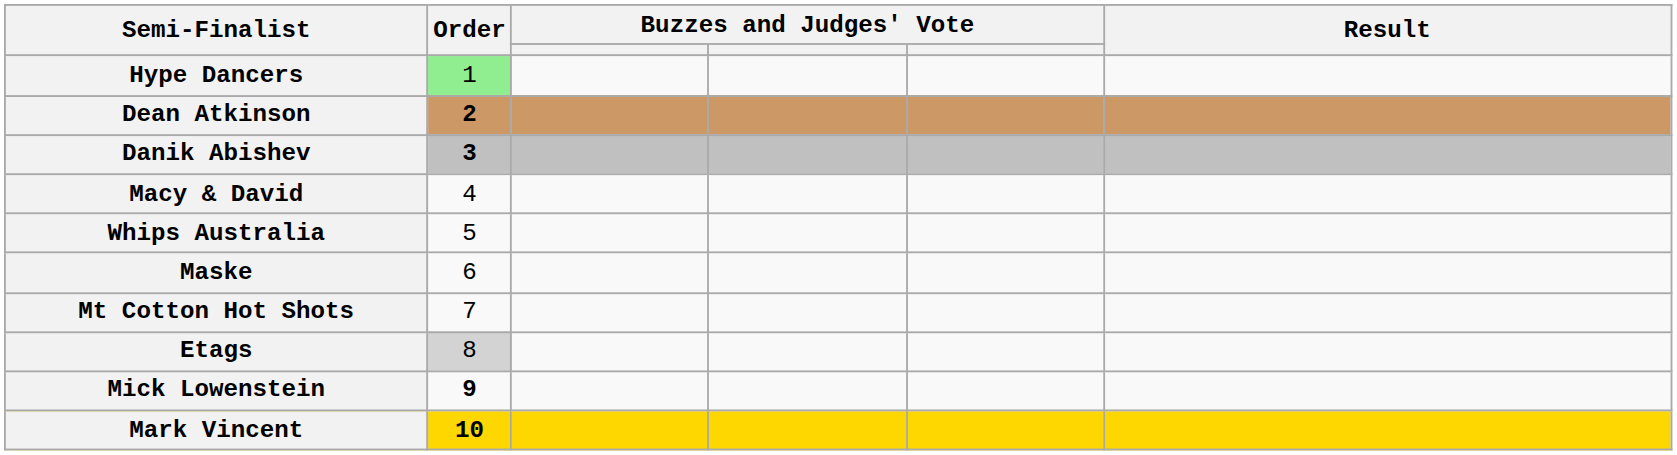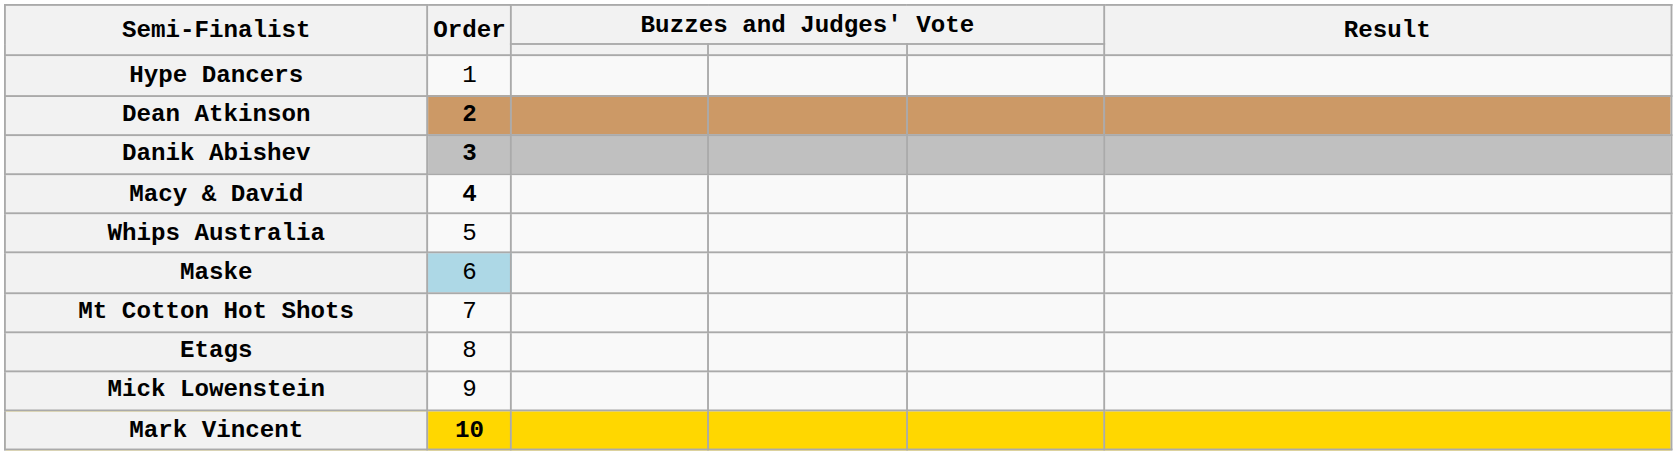 <table class="wikitable plainrowheaders sortable" style="text-align:center;">
 <tr>
 <th scope="col" rowspan=2 class="unsortable" style="width:17em;">Semi-Finalist</th>
 <th scope="col" rowspan=2 style="width:1em;">Order</th>
 <th scope="col" colspan=3 class="unsortable" style="width:24em;">Buzzes and Judges' Vote</th>
 <th scope="col" rowspan=2 style="width:23em;">Result</th>
 </tr>
 <tr>
 <th scope="col" class="unsortable" style="width:6em;"></th>
 <th scope="col" class="unsortable" style="width:6em;"></th>
 <th scope="col" class="unsortable" style="width:6em;"></th>
 </tr>
 <tr>
 <th scope="row">Hype Dancers</th>
-<td style="background: lightgreen;">1</td>
+<td>1</td>
 <td style="text-align:center;"></td>
 <td style="text-align:center;"></td>
 <td style="text-align:center;"></td>
 <td></td>
 </tr>
 <tr bgcolor=#c96>
 <th scope="row"><strong>Dean Atkinson</strong></th>
 <td><strong>2</strong></td>
 <td style="text-align:center;"></td>
 <td style="text-align:center;"></td>
 <td style="text-align:center;"></td>
 <td><strong></strong></td>
 </tr>
 <tr bgcolor=silver>
 <th scope="row"><strong>Danik Abishev</strong></th>
 <td><strong>3</strong></td>
 <td style="text-align:center;"></td>
 <td style="text-align:center;"></td>
 <td style="text-align:center;"></td>
 <td><strong></strong></td>
 </tr>
 <tr>
 <th scope="row">Macy & David</th>
-<td>4</td>
+<td><strong>4</strong></td>
 <td style="text-align:center;"></td>
 <td style="text-align:center;"></td>
 <td style="text-align:center;"></td>
 <td></td>
 </tr>
 <tr>
 <th scope="row">Whips Australia</th>
 <td>5</td>
 <td style="text-align:center;"></td>
 <td style="text-align:center;"></td>
 <td style="text-align:center;"></td>
 <td></td>
 </tr>
 <tr>
 <th scope="row">Maske</th>
-<td>6</td>
+<td style="background: lightblue;">6</td>
 <td style="text-align:center;"></td>
 <td style="text-align:center;"></td>
 <td style="text-align:center;"></td>
 <td></td>
 </tr>
 <tr>
 <th scope="row">Mt Cotton Hot Shots</th>
 <td>7</td>
 <td style="text-align:center;"></td>
 <td style="text-align:center;"></td>
 <td style="text-align:center;"></td>
 <td></td>
 </tr>
 <tr>
 <th scope="row">Etags</th>
-<td style="background: lightgrey;">8</td>
+<td>8</td>
 <td style="text-align:center;"></td>
 <td style="text-align:center;"></td>
 <td style="text-align:center;"></td>
 <td></td>
 </tr>
 <tr>
 <th scope="row">Mick Lowenstein</th>
-<td><strong>9</strong></td>
+<td>9</td>
 <td style="text-align:center;"></td>
 <td style="text-align:center;"></td>
 <td style="text-align:center;"></td>
 <td></td>
 </tr>
 <tr bgcolor=gold>
 <th scope="row"><strong>Mark Vincent</strong></th>
 <td><strong>10</strong></td>
 <td style="text-align:center;"></td>
 <td style="text-align:center;"></td>
 <td style="text-align:center;"></td>
 <td><strong></strong></td>
 </tr>
 </table>
